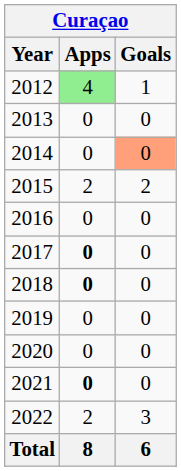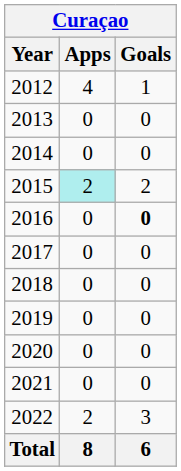 <table class="wikitable" style="text-align:center">
 <tr>
 <th colspan=3><a href='#'>Curaçao</a></th>
 </tr>
 <tr>
 <th>Year</th>
 <th>Apps</th>
 <th>Goals</th>
 </tr>
 <tr>
 <td>2012</td>
-<td style="background: lightgreen;">4</td>
+<td>4</td>
 <td>1</td>
 </tr>
 <tr>
 <td>2013</td>
 <td>0</td>
 <td>0</td>
 </tr>
 <tr>
 <td>2014</td>
 <td>0</td>
-<td style="background: lightsalmon;">0</td>
+<td>0</td>
 </tr>
 <tr>
 <td>2015</td>
-<td>2</td>
+<td style="background: paleturquoise;">2</td>
 <td>2</td>
 </tr>
 <tr>
 <td>2016</td>
 <td>0</td>
-<td>0</td>
+<td><strong>0</strong></td>
 </tr>
 <tr>
 <td>2017</td>
-<td><strong>0</strong></td>
+<td>0</td>
 <td>0</td>
 </tr>
 <tr>
 <td>2018</td>
-<td><strong>0</strong></td>
+<td>0</td>
 <td>0</td>
 </tr>
 <tr>
 <td>2019</td>
 <td>0</td>
 <td>0</td>
 </tr>
 <tr>
 <td>2020</td>
 <td>0</td>
 <td>0</td>
 </tr>
 <tr>
 <td>2021</td>
-<td><strong>0</strong></td>
+<td>0</td>
 <td>0</td>
 </tr>
 <tr>
 <td>2022</td>
 <td>2</td>
 <td>3</td>
 </tr>
 <tr>
 <th>Total</th>
 <th>8</th>
 <th>6</th>
 </tr>
 </table>
